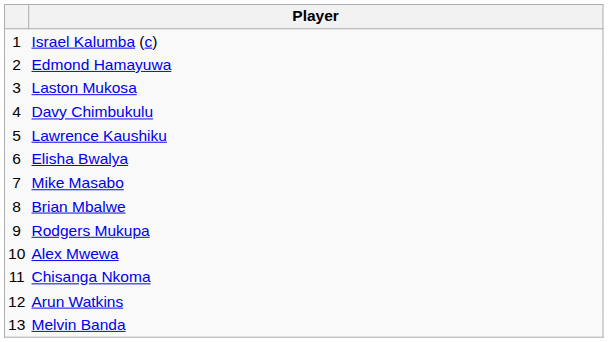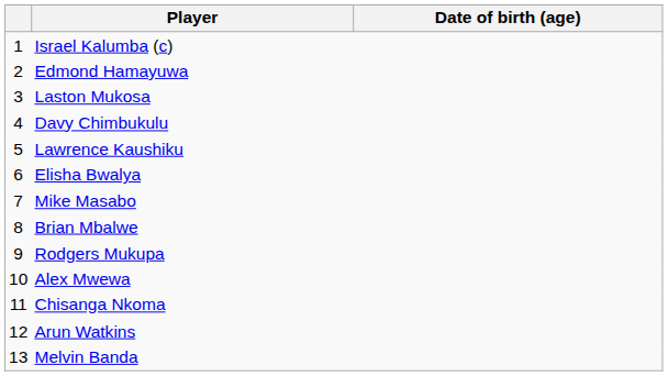 <table class="wikitable" style="font-size:">
 <tr>
 <th scope="col" style="width:4%"></th>
 <th scope="col">Player</th>
+<th scope="col">Date of birth (age)</th>
 </tr>
 <tr>
 <td style="text-align:center; border:0">1</td>
 <td style="text-align:left; border:0"><a href='#'>Israel Kalumba</a> (<a href='#'>c</a>)</td>
+<td style="text-align:left; border:0"></td>
 </tr>
 <tr>
 <td style="text-align:center; border:0">2</td>
 <td style="text-align:left; border:0"><a href='#'>Edmond Hamayuwa</a></td>
+<td style="text-align:left; border:0"></td>
 </tr>
 <tr>
 <td style="text-align:center; border:0">3</td>
 <td style="text-align:left; border:0"><a href='#'>Laston Mukosa</a></td>
+<td style="text-align:left; border:0"></td>
 </tr>
 <tr>
 <td style="text-align:center; border:0">4</td>
 <td style="text-align:left; border:0"><a href='#'>Davy Chimbukulu</a></td>
+<td style="text-align:left; border:0"></td>
 </tr>
 <tr>
 <td style="text-align:center; border:0">5</td>
 <td style="text-align:left; border:0"><a href='#'>Lawrence Kaushiku</a></td>
+<td style="text-align:left; border:0"></td>
 </tr>
 <tr>
 <td style="text-align:center; border:0">6</td>
 <td style="text-align:left; border:0"><a href='#'>Elisha Bwalya</a></td>
+<td style="text-align:left; border:0"></td>
 </tr>
 <tr>
 <td style="text-align:center; border:0">7</td>
 <td style="text-align:left; border:0"><a href='#'>Mike Masabo</a></td>
+<td style="text-align:left; border:0"></td>
 </tr>
 <tr>
 <td style="text-align:center; border:0">8</td>
 <td style="text-align:left; border:0"><a href='#'>Brian Mbalwe</a></td>
+<td style="text-align:left; border:0"></td>
 </tr>
 <tr>
 <td style="text-align:center; border:0">9</td>
 <td style="text-align:left; border:0"><a href='#'>Rodgers Mukupa</a></td>
+<td style="text-align:left; border:0"></td>
 </tr>
 <tr>
 <td style="text-align:center; border:0">10</td>
 <td style="text-align:left; border:0"><a href='#'>Alex Mwewa</a></td>
+<td style="text-align:left; border:0"></td>
 </tr>
 <tr>
 <td style="text-align:center; border:0">11</td>
 <td style="text-align:left; border:0"><a href='#'>Chisanga Nkoma</a></td>
+<td style="text-align:left; border:0"></td>
 </tr>
 <tr>
 <td style="text-align:center; border:0">12</td>
 <td style="text-align:left; border:0"><a href='#'>Arun Watkins</a></td>
+<td style="text-align:left; border:0"></td>
 </tr>
 <tr>
 <td style="text-align:center; border:0">13</td>
 <td style="text-align:left; border:0"><a href='#'>Melvin Banda</a></td>
+<td style="text-align:left; border:0"></td>
 </tr>
 </table>
